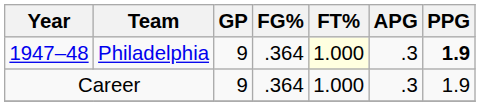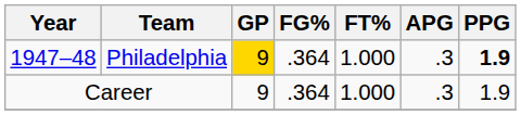 <table class="wikitable sortable" style="font-size:95%; text-align:right;">
 <tr>
 <th>Year</th>
 <th>Team</th>
 <th>GP</th>
 <th>FG%</th>
 <th>FT%</th>
 <th>APG</th>
 <th>PPG</th>
 </tr>
 <tr>
 <td style="text-align:left;"><a href='#'>1947–48</a></td>
 <td style="text-align:left;"><a href='#'>Philadelphia</a></td>
-<td>9</td>
+<td style="background: gold;">9</td>
 <td>.364</td>
-<td style="background: lightyellow;">1.000</td>
+<td>1.000</td>
 <td>.3</td>
 <td><strong>1.9</strong></td>
 </tr>
 <tr>
 <td style="text-align:center;" colspan="2">Career</td>
 <td>9</td>
 <td>.364</td>
 <td>1.000</td>
 <td>.3</td>
 <td>1.9</td>
 </tr>
 <tr>
 </tr>
 </table>
